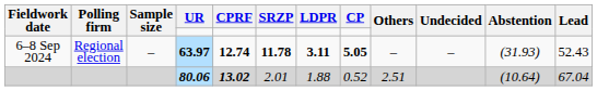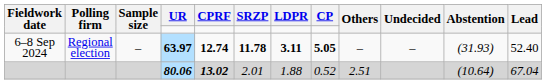 <table class=wikitable style="font-size:95%; line-height:14px; text-align:center">
 <tr>
 <th style=width:120px; rowspan=2>Fieldwork date</th>
 <th style=width:120px; rowspan=2>Polling firm</th>
 <th style=width:50px; rowspan=2>Sample<br>size</th>
 <th style="width:50px;"><a href='#'>UR</a></th>
 <th style="width:50px;"><a href='#'>CPRF</a></th>
 <th style="width:50px;"><a href='#'>SRZP</a></th>
 <th style="width:50px;"><a href='#'>LDPR</a></th>
 <th style="width:50px;"><a href='#'>CP</a></th>
 <th style="width:50px;" rowspan=2>Others</th>
 <th style="width:50px;" rowspan=2>Undecided</th>
 <th style="width:50px;" rowspan=2>Abstention</th>
 <th style="width:50px;" rowspan="2">Lead</th>
 </tr>
 <tr>
 <td bgcolor=></td>
 <td bgcolor=></td>
 <td bgcolor=></td>
 <td bgcolor=></td>
 <td bgcolor=></td>
 </tr>
 <tr>
 <td>6–8 Sep 2024</td>
 <td><a href='#'>Regional election</a></td>
 <td>–</td>
 <td style="background:#B3E0FF"><strong>63.97</strong></td>
 <td><strong>12.74</strong></td>
 <td><strong>11.78</strong></td>
 <td><strong>3.11</strong></td>
 <td><strong>5.05</strong></td>
 <td>–</td>
 <td>–</td>
 <td><em>(31.93)</em></td>
-<td style="background:">52.43</td>
+<td style="background:">52.40</td>
 </tr>
 <tr style="background:#D5D5D5">
 <td></td>
 <td></td>
 <td></td>
 <td style="background:#B3E0FF"><strong><em>80.06</em></strong></td>
 <td><strong><em>13.02</em></strong></td>
 <td><em>2.01</em></td>
 <td><em>1.88</em></td>
 <td><em>0.52</em></td>
 <td><em>2.51</em></td>
 <td></td>
 <td><em>(10.64)</em></td>
 <td style="background:"><em>67.04</em></td>
 </tr>
 </table>
